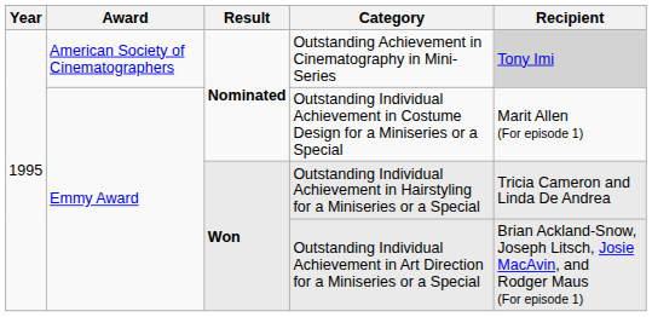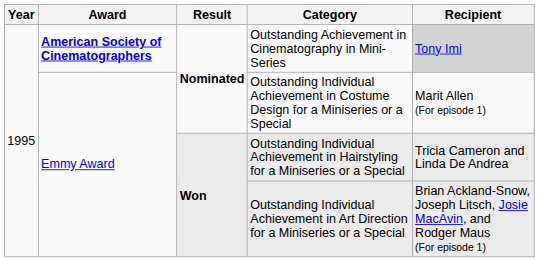 <table class="wikitable" style="font-size: 90%;">
 <tr>
 <th>Year</th>
 <th>Award</th>
 <th>Result</th>
 <th>Category</th>
 <th>Recipient</th>
 </tr>
 <tr>
 <td rowspan=4>1995</td>
-<td><a href='#'>American Society of Cinematographers</a></td>
+<td><strong><a href='#'>American Society of Cinematographers</a></strong></td>
 <td rowspan=2><strong>Nominated</strong></td>
 <td>Outstanding Achievement in Cinematography in Mini-Series</td>
 <td style="background: lightgrey;"><a href='#'>Tony Imi</a></td>
 </tr>
 <tr>
 <td rowspan=3><a href='#'>Emmy Award</a></td>
 <td>Outstanding Individual Achievement in Costume Design for a Miniseries or a Special</td>
 <td>Marit Allen<br><small>(For episode 1)</small></td>
 </tr>
 <tr style="background-color: #EAEAEA;">
 <td rowspan=2><strong>Won</strong></td>
 <td>Outstanding Individual Achievement in Hairstyling for a Miniseries or a Special</td>
 <td>Tricia Cameron and Linda De Andrea</td>
 </tr>
 <tr style="background-color: #EAEAEA;">
 <td>Outstanding Individual Achievement in Art Direction for a Miniseries or a Special</td>
 <td>Brian Ackland-Snow, Joseph Litsch, <a href='#'>Josie MacAvin</a>, and Rodger Maus<br><small>(For episode 1)</small></td>
 </tr>
 </table>
